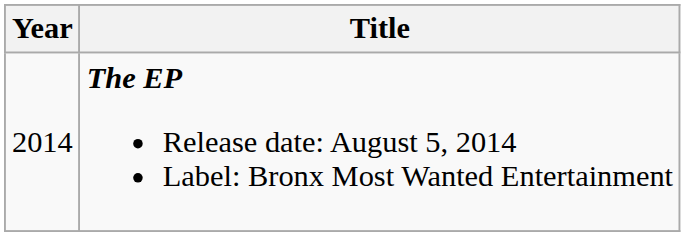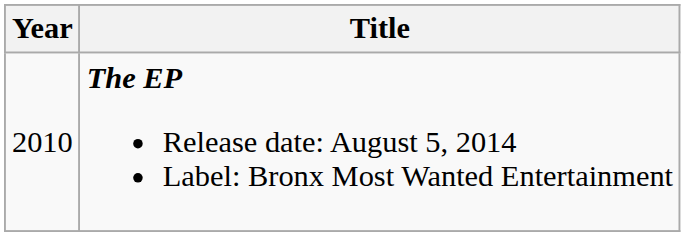 <table class="wikitable plainrowheaders" style="text-align:center;">
 <tr>
 <th>Year</th>
 <th>Title</th>
 </tr>
 <tr>
-<td>2014</td>
+<td>2010</td>
 <td style="text-align:left;"><strong><em>The EP </em></strong><br><ul><li>Release date: August 5, 2014</li><li>Label: Bronx Most Wanted Entertainment</li></ul></td>
 </tr>
 </table>
